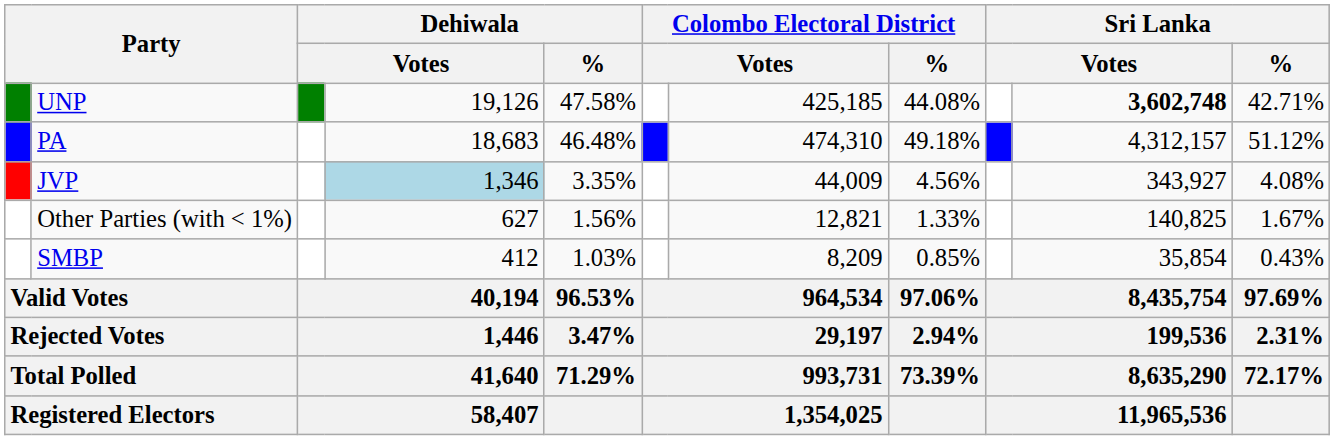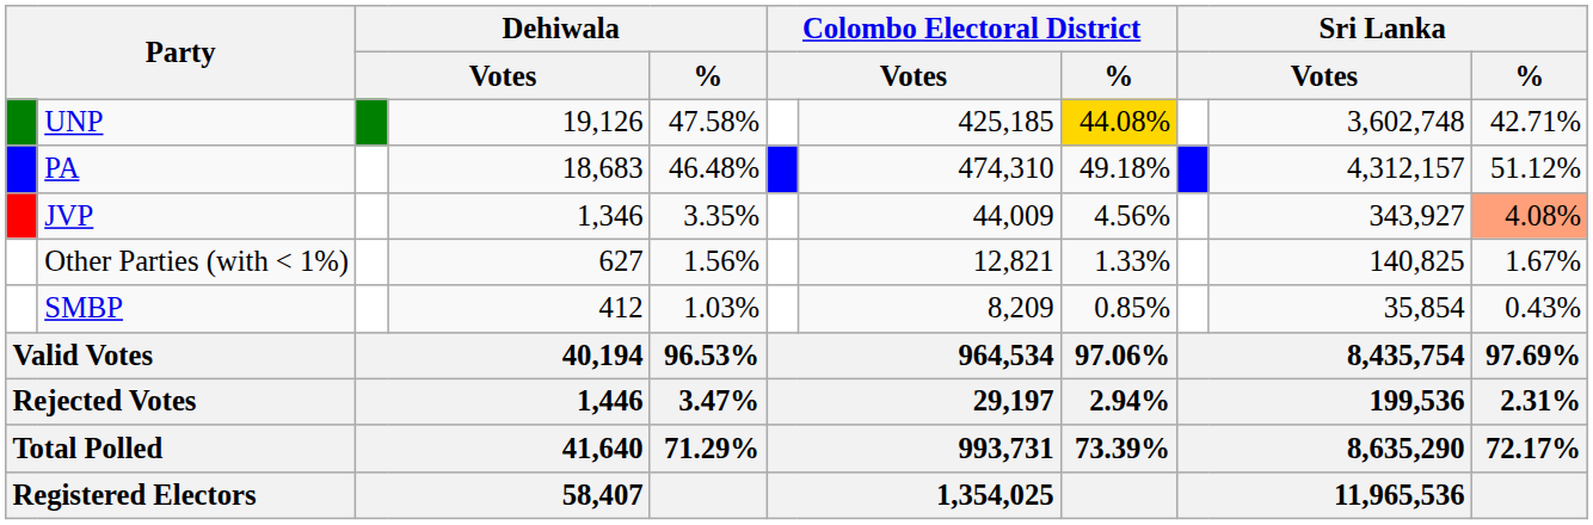 <table class="wikitable">
 <tr>
 <th colspan="2" width="144px"rowspan="2">Party</th>
 <th colspan="3" width="216px">Dehiwala</th>
 <th colspan="3" width="216px"><a href='#'>Colombo Electoral District</a></th>
 <th colspan="3" width="216px">Sri Lanka</th>
 </tr>
 <tr>
 <th colspan="2" width="144px">Votes</th>
 <th>%</th>
 <th colspan="2" width="144px">Votes</th>
 <th>%</th>
 <th colspan="2" width="144px">Votes</th>
 <th>%</th>
 </tr>
 <tr>
 <td style="background-color:green;" width="10px"></td>
 <td style="text-align:left;"><a href='#'>UNP</a></td>
 <td style="background-color:green;" width="10px"></td>
 <td style="text-align:right;">19,126</td>
 <td style="text-align:right;">47.58%</td>
 <td style="background-color:white;" width="10px"></td>
 <td style="text-align:right;">425,185</td>
-<td style="text-align:right;">44.08%</td>
+<td style="background: gold; text-align:right;">44.08%</td>
 <td style="background-color:white;" width="10px"></td>
-<td style="text-align:right;"><strong>3,602,748</strong></td>
+<td style="text-align:right;">3,602,748</td>
 <td style="text-align:right;">42.71%</td>
 </tr>
 <tr>
 <td style="background-color:blue;" width="10px"></td>
 <td style="text-align:left;"><a href='#'>PA</a></td>
 <td style="background-color:white;" width="10px"></td>
 <td style="text-align:right;">18,683</td>
 <td style="text-align:right;">46.48%</td>
 <td style="background-color:blue;" width="10px"></td>
 <td style="text-align:right;">474,310</td>
 <td style="text-align:right;">49.18%</td>
 <td style="background-color:blue;" width="10px"></td>
 <td style="text-align:right;">4,312,157</td>
 <td style="text-align:right;">51.12%</td>
 </tr>
 <tr>
 <td style="background-color:red;" width="10px"></td>
 <td style="text-align:left;"><a href='#'>JVP</a></td>
 <td style="background-color:white;" width="10px"></td>
-<td style="background: lightblue; text-align:right;">1,346</td>
+<td style="text-align:right;">1,346</td>
 <td style="text-align:right;">3.35%</td>
 <td style="background-color:white;" width="10px"></td>
 <td style="text-align:right;">44,009</td>
 <td style="text-align:right;">4.56%</td>
 <td style="background-color:white;" width="10px"></td>
 <td style="text-align:right;">343,927</td>
-<td style="text-align:right;">4.08%</td>
+<td style="background: lightsalmon; text-align:right;">4.08%</td>
 </tr>
 <tr>
 <td style="background-color:white;" width="10px"></td>
 <td style="text-align:left;">Other Parties (with < 1%)</td>
 <td style="background-color:white;" width="10px"></td>
 <td style="text-align:right;">627</td>
 <td style="text-align:right;">1.56%</td>
 <td style="background-color:white;" width="10px"></td>
 <td style="text-align:right;">12,821</td>
 <td style="text-align:right;">1.33%</td>
 <td style="background-color:white;" width="10px"></td>
 <td style="text-align:right;">140,825</td>
 <td style="text-align:right;">1.67%</td>
 </tr>
 <tr>
 <td style="background-color:white;" width="10px"></td>
 <td style="text-align:left;"><a href='#'>SMBP</a></td>
 <td style="background-color:white;" width="10px"></td>
 <td style="text-align:right;">412</td>
 <td style="text-align:right;">1.03%</td>
 <td style="background-color:white;" width="10px"></td>
 <td style="text-align:right;">8,209</td>
 <td style="text-align:right;">0.85%</td>
 <td style="background-color:white;" width="10px"></td>
 <td style="text-align:right;">35,854</td>
 <td style="text-align:right;">0.43%</td>
 </tr>
 <tr>
 <th colspan="2" width="144px"style="text-align:left;">Valid Votes</th>
 <th style="text-align:right;"colspan="2" width="144px">40,194</th>
 <th style="text-align:right;">96.53%</th>
 <th style="text-align:right;"colspan="2" width="144px">964,534</th>
 <th style="text-align:right;">97.06%</th>
 <th style="text-align:right;"colspan="2" width="144px">8,435,754</th>
 <th style="text-align:right;">97.69%</th>
 </tr>
 <tr>
 <th colspan="2" width="144px"style="text-align:left;">Rejected Votes</th>
 <th style="text-align:right;"colspan="2" width="144px">1,446</th>
 <th style="text-align:right;">3.47%</th>
 <th style="text-align:right;"colspan="2" width="144px">29,197</th>
 <th style="text-align:right;">2.94%</th>
 <th style="text-align:right;"colspan="2" width="144px">199,536</th>
 <th style="text-align:right;">2.31%</th>
 </tr>
 <tr>
 <th colspan="2" width="144px"style="text-align:left;">Total Polled</th>
 <th style="text-align:right;"colspan="2" width="144px">41,640</th>
 <th style="text-align:right;">71.29%</th>
 <th style="text-align:right;"colspan="2" width="144px">993,731</th>
 <th style="text-align:right;">73.39%</th>
 <th style="text-align:right;"colspan="2" width="144px">8,635,290</th>
 <th style="text-align:right;">72.17%</th>
 </tr>
 <tr>
 <th colspan="2" width="144px"style="text-align:left;">Registered Electors</th>
 <th style="text-align:right;"colspan="2" width="144px">58,407</th>
 <th></th>
 <th style="text-align:right;"colspan="2" width="144px">1,354,025</th>
 <th></th>
 <th style="text-align:right;"colspan="2" width="144px">11,965,536</th>
 <th></th>
 </tr>
 </table>
